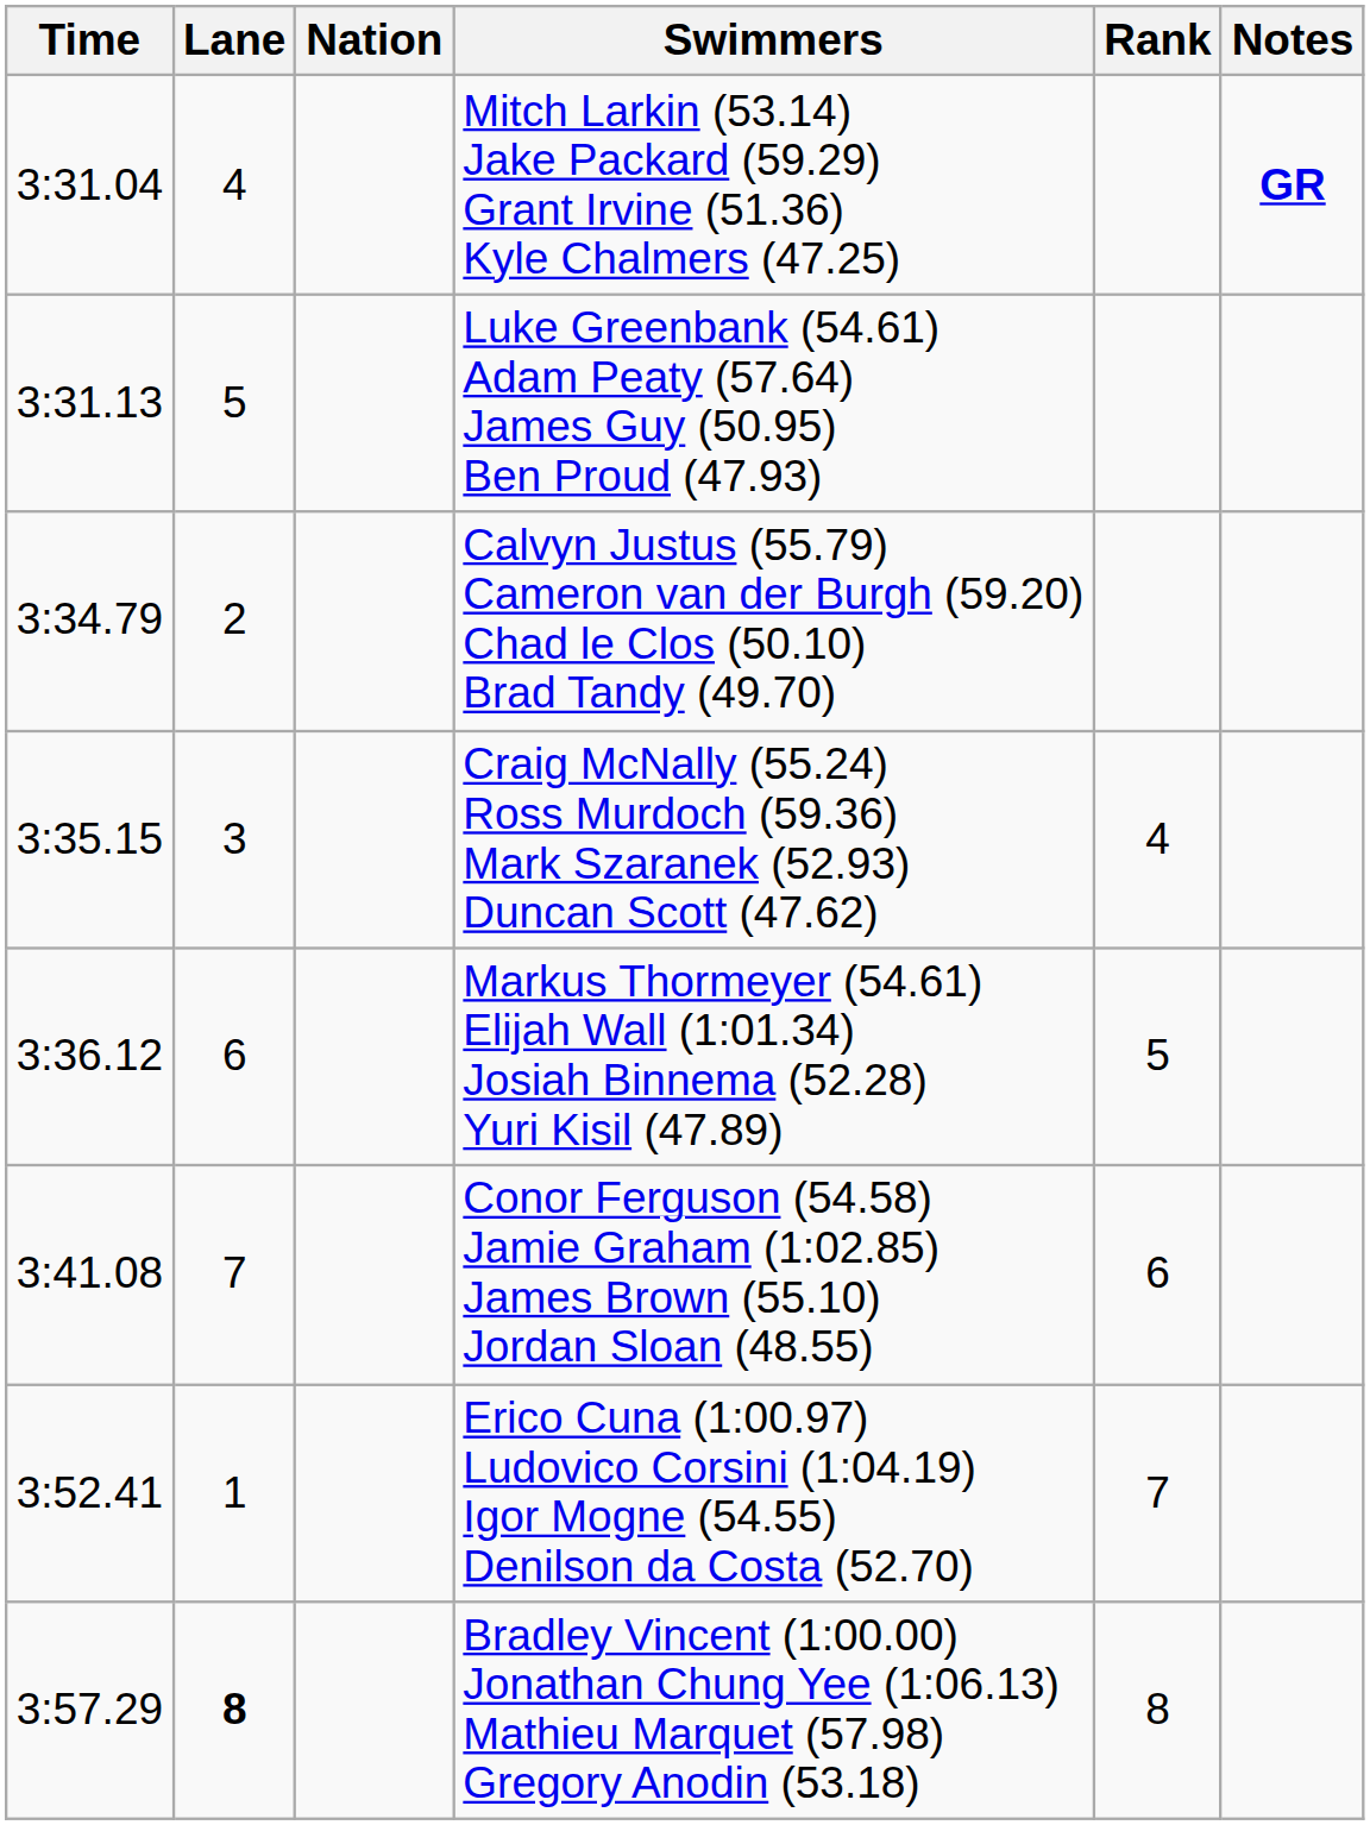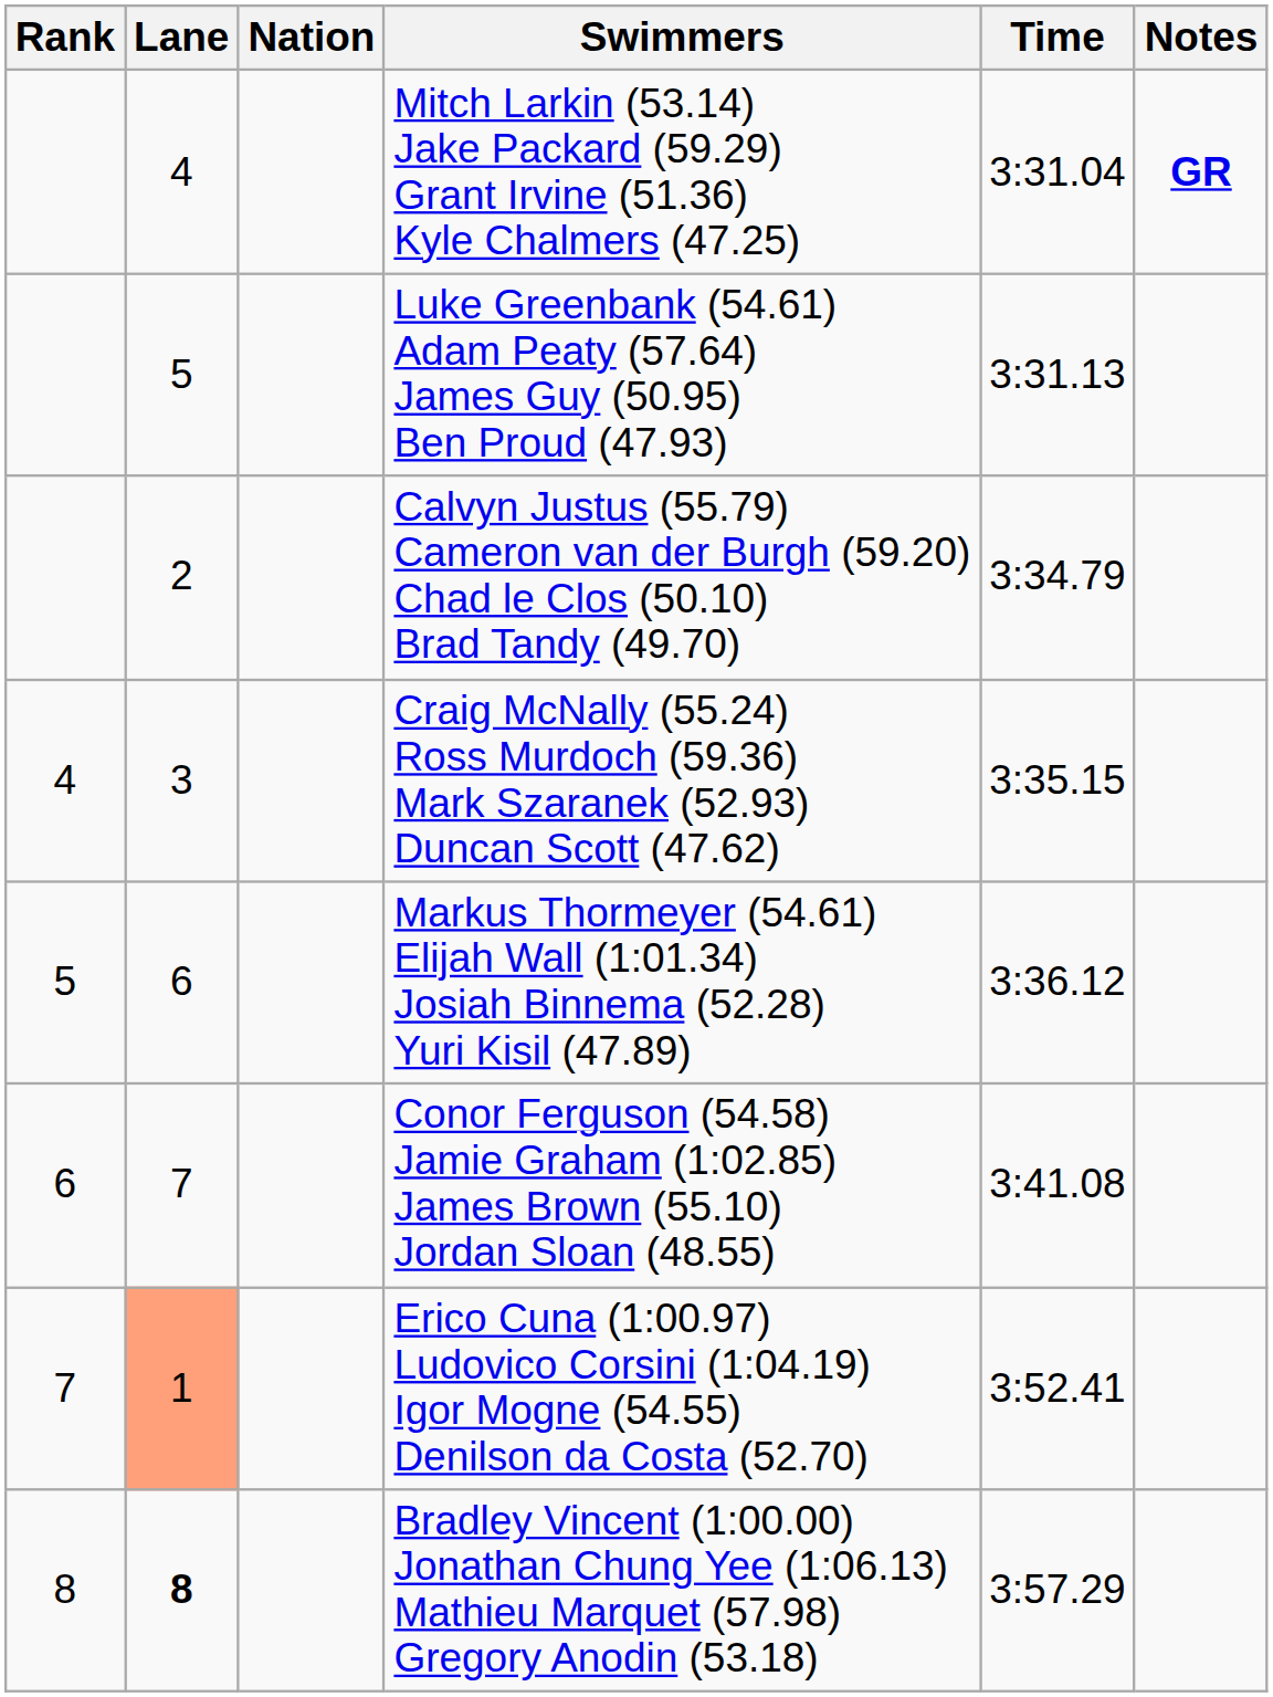 <table class="wikitable sortable" style="text-align:center">
 <tr>
-<th>Time</th>
+<th>Rank</th>
 <th>Lane</th>
 <th>Nation</th>
 <th>Swimmers</th>
-<th>Rank</th>
+<th>Time</th>
 <th>Notes</th>
 </tr>
 <tr>
-<td>3:31.04</td>
+<td></td>
 <td>4</td>
 <td align="left"></td>
 <td align="left"><a href='#'>Mitch Larkin</a> (53.14)<br><a href='#'>Jake Packard</a> (59.29)<br><a href='#'>Grant Irvine</a> (51.36)<br><a href='#'>Kyle Chalmers</a> (47.25)</td>
-<td></td>
+<td>3:31.04</td>
 <td><strong><a href='#'>GR</a></strong></td>
 </tr>
 <tr>
-<td>3:31.13</td>
+<td></td>
 <td>5</td>
 <td align="left"></td>
 <td align="left"><a href='#'>Luke Greenbank</a> (54.61)<br><a href='#'>Adam Peaty</a> (57.64)<br><a href='#'>James Guy</a> (50.95)<br><a href='#'>Ben Proud</a> (47.93)</td>
-<td></td>
+<td>3:31.13</td>
 <td></td>
 </tr>
 <tr>
-<td>3:34.79</td>
+<td></td>
 <td>2</td>
 <td align="left"></td>
 <td align="left"><a href='#'>Calvyn Justus</a> (55.79)<br><a href='#'>Cameron van der Burgh</a> (59.20)<br><a href='#'>Chad le Clos</a> (50.10)<br><a href='#'>Brad Tandy</a> (49.70)</td>
-<td></td>
+<td>3:34.79</td>
 <td></td>
 </tr>
 <tr>
-<td>3:35.15</td>
+<td>4</td>
 <td>3</td>
 <td align="left"></td>
 <td align="left"><a href='#'>Craig McNally</a> (55.24)<br><a href='#'>Ross Murdoch</a> (59.36)<br><a href='#'>Mark Szaranek</a> (52.93)<br><a href='#'>Duncan Scott</a> (47.62)</td>
-<td>4</td>
+<td>3:35.15</td>
 <td></td>
 </tr>
 <tr>
-<td>3:36.12</td>
+<td>5</td>
 <td>6</td>
 <td align="left"></td>
 <td align="left"><a href='#'>Markus Thormeyer</a> (54.61)<br><a href='#'>Elijah Wall</a> (1:01.34)<br><a href='#'>Josiah Binnema</a> (52.28)<br><a href='#'>Yuri Kisil</a> (47.89)</td>
-<td>5</td>
+<td>3:36.12</td>
 <td></td>
 </tr>
 <tr>
-<td>3:41.08</td>
+<td>6</td>
 <td>7</td>
 <td align="left"></td>
 <td align="left"><a href='#'>Conor Ferguson</a> (54.58)<br><a href='#'>Jamie Graham</a> (1:02.85)<br><a href='#'>James Brown</a> (55.10)<br><a href='#'>Jordan Sloan</a> (48.55)</td>
-<td>6</td>
+<td>3:41.08</td>
 <td></td>
 </tr>
 <tr>
-<td>3:52.41</td>
-<td>1</td>
+<td>7</td>
+<td style="background: lightsalmon;">1</td>
 <td align="left"></td>
 <td align="left"><a href='#'>Erico Cuna</a> (1:00.97)<br><a href='#'>Ludovico Corsini</a> (1:04.19)<br><a href='#'>Igor Mogne</a> (54.55)<br><a href='#'>Denilson da Costa</a> (52.70)</td>
-<td>7</td>
+<td>3:52.41</td>
 <td></td>
 </tr>
 <tr>
-<td>3:57.29</td>
+<td>8</td>
 <td><strong>8</strong></td>
 <td align="left"></td>
 <td align="left"><a href='#'>Bradley Vincent</a> (1:00.00)<br><a href='#'>Jonathan Chung Yee</a> (1:06.13)<br><a href='#'>Mathieu Marquet</a> (57.98)<br><a href='#'>Gregory Anodin</a> (53.18)</td>
-<td>8</td>
+<td>3:57.29</td>
 <td></td>
 </tr>
 </table>
